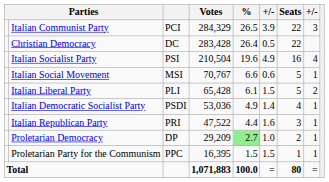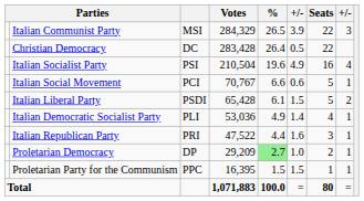 <table class="wikitable">
 <tr>
 <th colspan="2">Parties</th>
 <th></th>
 <th>Votes</th>
 <th>%</th>
 <th>+/-</th>
 <th>Seats</th>
 <th>+/-</th>
 <th rowspan="12"></th>
 </tr>
 <tr>
 <td style="background-color:"></td>
 <td><a href='#'>Italian Communist Party</a></td>
-<td>PCI</td>
+<td>MSI</td>
 <td align=right>284,329</td>
 <td align=right>26.5</td>
 <td align=right> 3.9</td>
 <td align=right>22</td>
 <td align=right> 3</td>
 </tr>
 <tr>
 <td style="background-color:"></td>
 <td><a href='#'>Christian Democracy</a></td>
 <td>DC</td>
 <td align=right>283,428</td>
 <td align=right>26.4</td>
 <td align=right> 0.5</td>
 <td align=right>22</td>
 <td align=right></td>
 </tr>
 <tr>
 <td style="background-color:"></td>
 <td><a href='#'>Italian Socialist Party</a></td>
 <td>PSI</td>
 <td align=right>210,504</td>
 <td align=right>19.6</td>
 <td align=right> 4.9</td>
 <td align=right>16</td>
 <td align=right> 4</td>
 </tr>
 <tr>
 <td style="background-color:"></td>
 <td><a href='#'>Italian Social Movement</a></td>
-<td>MSI</td>
+<td>PCI</td>
 <td align=right>70,767</td>
 <td align=right>6.6</td>
 <td align=right> 0.6</td>
 <td align=right>5</td>
 <td align=right> 1</td>
 </tr>
 <tr>
 <td style="background-color:"></td>
 <td><a href='#'>Italian Liberal Party</a></td>
-<td>PLI</td>
+<td>PSDI</td>
 <td align=right>65,428</td>
 <td align=right>6.1</td>
 <td align=right> 1.5</td>
 <td align=right>5</td>
 <td align=right> 2</td>
 </tr>
 <tr>
 <td style="background-color:"></td>
 <td><a href='#'>Italian Democratic Socialist Party</a></td>
-<td>PSDI</td>
+<td>PLI</td>
 <td align=right>53,036</td>
 <td align=right>4.9</td>
 <td align=right> 1.4</td>
 <td align=right>4</td>
 <td align=right> 1</td>
 </tr>
 <tr>
 <td style="background-color:"></td>
 <td><a href='#'>Italian Republican Party</a></td>
 <td>PRI</td>
 <td align=right>47,522</td>
 <td align=right>4.4</td>
 <td align=right> 1.6</td>
 <td align=right>3</td>
 <td align=right> 1</td>
 </tr>
 <tr>
 <td style="background-color:"></td>
 <td><a href='#'>Proletarian Democracy</a></td>
 <td>DP</td>
 <td align=right>29,209</td>
 <td align=right style="background: lightgreen;">2.7</td>
 <td align=right> 1.0</td>
 <td align=right>2</td>
 <td align=right> 1</td>
 </tr>
 <tr>
 <td style="background-color:"></td>
 <td>Proletarian Party for the Communism</td>
 <td>PPC</td>
 <td align=right>16,395</td>
 <td align=right>1.5</td>
 <td align=right> 1.5</td>
 <td align=right>1</td>
 <td align=right> 1</td>
 </tr>
 <tr>
 <td colspan="2"><strong>Total</strong></td>
 <td></td>
 <td align=right><strong>1,071,883</strong></td>
 <td align=right><strong>100.0</strong></td>
 <td align=right>=</td>
 <td align=right><strong>80</strong></td>
 <td align=right>=</td>
 </tr>
 </table>
